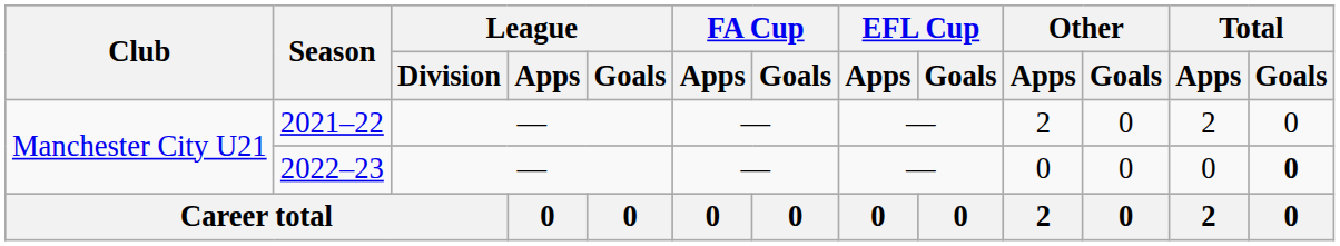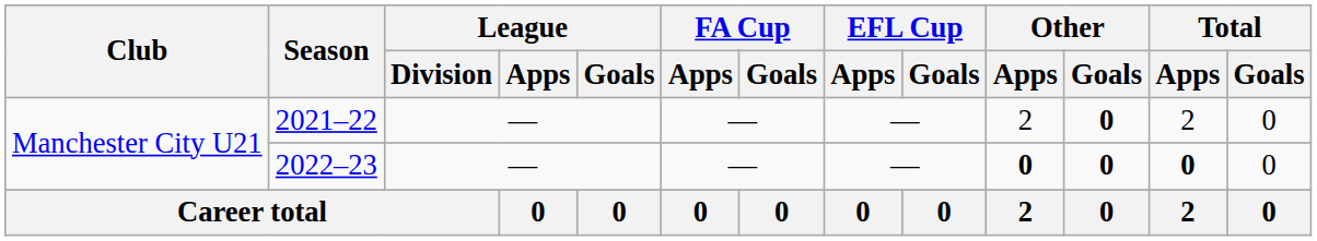 <table class=wikitable style=text-align:center>
 <tr>
 <th rowspan=2>Club</th>
 <th rowspan=2>Season</th>
 <th colspan=3>League</th>
 <th colspan=2><a href='#'>FA Cup</a></th>
 <th colspan=2><a href='#'>EFL Cup</a></th>
 <th colspan=2>Other</th>
 <th colspan=2>Total</th>
 </tr>
 <tr>
 <th>Division</th>
 <th>Apps</th>
 <th>Goals</th>
 <th>Apps</th>
 <th>Goals</th>
 <th>Apps</th>
 <th>Goals</th>
 <th>Apps</th>
 <th>Goals</th>
 <th>Apps</th>
 <th>Goals</th>
 </tr>
 <tr>
 <td rowspan=2><a href='#'>Manchester City U21</a></td>
 <td><a href='#'>2021–22</a></td>
 <td colspan=3>—</td>
 <td colspan=2>—</td>
 <td colspan=2>—</td>
 <td>2</td>
-<td>0</td>
+<td><strong>0</strong></td>
 <td>2</td>
 <td>0</td>
 </tr>
 <tr>
 <td><a href='#'>2022–23</a></td>
 <td colspan=3>—</td>
 <td colspan=2>—</td>
 <td colspan=2>—</td>
+<td><strong>0</strong></td>
+<td><strong>0</strong></td>
+<td><strong>0</strong></td>
 <td>0</td>
-<td>0</td>
-<td>0</td>
-<td><strong>0</strong></td>
 </tr>
 <tr>
 <th colspan=3>Career total</th>
 <th>0</th>
 <th>0</th>
 <th>0</th>
 <th>0</th>
 <th>0</th>
 <th>0</th>
 <th>2</th>
 <th>0</th>
 <th>2</th>
 <th>0</th>
 </tr>
 </table>
